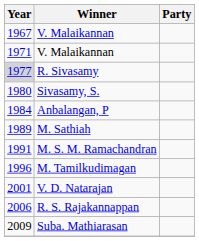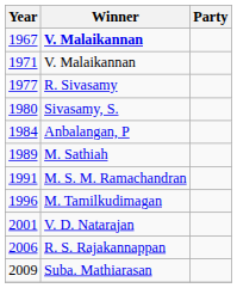 <table class="wikitable sortable">
 <tr>
 <th>Year</th>
 <th>Winner</th>
 <th colspan="2">Party</th>
 </tr>
 <tr>
 <td><a href='#'>1967</a></td>
-<td><a href='#'>V. Malaikannan</a></td>
+<td><strong><a href='#'>V. Malaikannan</a></strong></td>
 <td></td>
 </tr>
 <tr>
 <td><a href='#'>1971</a></td>
 <td>V. Malaikannan</td>
 <td></td>
 </tr>
 <tr>
-<td style="background: lightgrey;"><a href='#'>1977</a></td>
+<td><a href='#'>1977</a></td>
 <td><a href='#'>R. Sivasamy</a></td>
 <td></td>
 </tr>
 <tr>
 <td><a href='#'>1980</a></td>
 <td><a href='#'>Sivasamy, S.</a></td>
 <td></td>
 </tr>
 <tr>
 <td><a href='#'>1984</a></td>
 <td><a href='#'>Anbalangan, P</a></td>
 <td></td>
 </tr>
 <tr>
 <td><a href='#'>1989</a></td>
 <td><a href='#'>M. Sathiah</a></td>
 <td></td>
 </tr>
 <tr>
 <td><a href='#'>1991</a></td>
 <td><a href='#'>M. S. M. Ramachandran</a></td>
 <td></td>
 </tr>
 <tr>
 <td><a href='#'>1996</a></td>
 <td><a href='#'>M. Tamilkudimagan</a></td>
 <td></td>
 </tr>
 <tr>
 <td><a href='#'>2001</a></td>
 <td><a href='#'>V. D. Natarajan</a></td>
 <td></td>
 </tr>
 <tr>
 <td><a href='#'>2006</a></td>
 <td><a href='#'>R. S. Rajakannappan</a></td>
 <td></td>
 </tr>
 <tr>
 <td>2009</td>
 <td><a href='#'>Suba. Mathiarasan</a></td>
 <td></td>
 </tr>
 <tr>
 </tr>
 </table>
